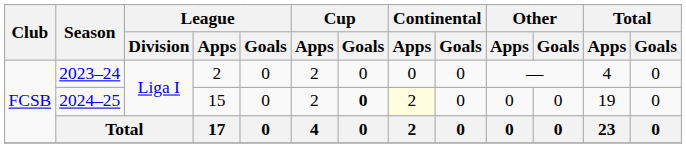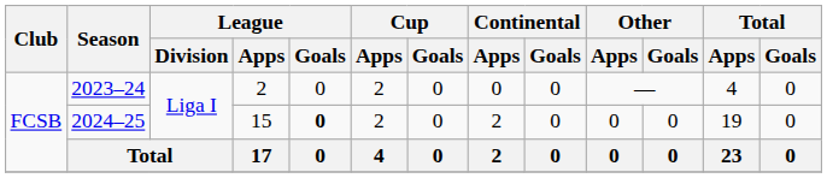 <table class="wikitable" style="text-align: center">
 <tr>
 <th rowspan="2">Club</th>
 <th rowspan="2">Season</th>
 <th colspan="3">League</th>
 <th colspan="2">Cup</th>
 <th colspan="2">Continental</th>
 <th colspan="2">Other</th>
 <th colspan="2">Total</th>
 </tr>
 <tr>
 <th>Division</th>
 <th>Apps</th>
 <th>Goals</th>
 <th>Apps</th>
 <th>Goals</th>
 <th>Apps</th>
 <th>Goals</th>
 <th>Apps</th>
 <th>Goals</th>
 <th>Apps</th>
 <th>Goals</th>
 </tr>
 <tr>
 <td rowspan="3"><a href='#'>FCSB</a></td>
 <td><a href='#'>2023–24</a></td>
 <td rowspan="2"><a href='#'>Liga I</a></td>
 <td>2</td>
 <td>0</td>
 <td>2</td>
 <td>0</td>
 <td>0</td>
 <td>0</td>
 <td colspan="2">—</td>
 <td>4</td>
 <td>0</td>
 </tr>
 <tr>
 <td><a href='#'>2024–25</a></td>
 <td>15</td>
+<td><strong>0</strong></td>
+<td>2</td>
 <td>0</td>
 <td>2</td>
-<td><strong>0</strong></td>
-<td style="background: lightyellow;">2</td>
 <td>0</td>
 <td>0</td>
 <td>0</td>
 <td>19</td>
 <td>0</td>
 </tr>
 <tr>
 <th colspan="2">Total</th>
 <th>17</th>
 <th>0</th>
 <th>4</th>
 <th>0</th>
 <th>2</th>
 <th>0</th>
 <th>0</th>
 <th>0</th>
 <th>23</th>
 <th>0</th>
 </tr>
 <tr>
 </tr>
 </table>
